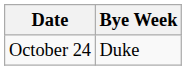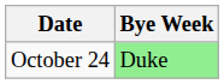 <table class="wikitable" style="font-size:95%;">
 <tr>
 <th>Date</th>
 <th colspan="1">Bye Week</th>
 </tr>
 <tr>
 <td>October 24</td>
-<td>Duke</td>
+<td style="background: lightgreen;">Duke</td>
 </tr>
 </table>
